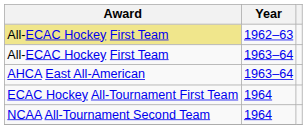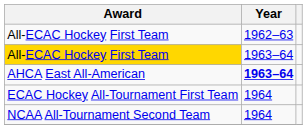 <table class="wikitable">
 <tr>
 <th>Award</th>
 <th>Year</th>
 <th></th>
 </tr>
 <tr>
-<td style="background: khaki;">All-<a href='#'>ECAC Hockey</a> <a href='#'>First Team</a></td>
+<td>All-<a href='#'>ECAC Hockey</a> <a href='#'>First Team</a></td>
 <td><a href='#'>1962–63</a></td>
 <td></td>
 </tr>
 <tr>
-<td>All-<a href='#'>ECAC Hockey</a> <a href='#'>First Team</a></td>
+<td style="background: gold;">All-<a href='#'>ECAC Hockey</a> <a href='#'>First Team</a></td>
 <td><a href='#'>1963–64</a></td>
 <td></td>
 </tr>
 <tr>
 <td><a href='#'>AHCA</a> <a href='#'>East All-American</a></td>
-<td><a href='#'>1963–64</a></td>
+<td><strong><a href='#'>1963–64</a></strong></td>
 <td></td>
 </tr>
 <tr>
 <td><a href='#'>ECAC Hockey</a> <a href='#'>All-Tournament First Team</a></td>
 <td><a href='#'>1964</a></td>
 <td></td>
 </tr>
 <tr>
 <td><a href='#'>NCAA</a> <a href='#'>All-Tournament Second Team</a></td>
 <td><a href='#'>1964</a></td>
 <td></td>
 </tr>
 <tr>
 </tr>
 </table>
